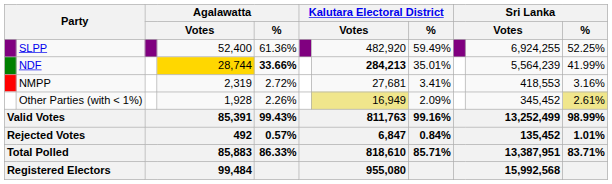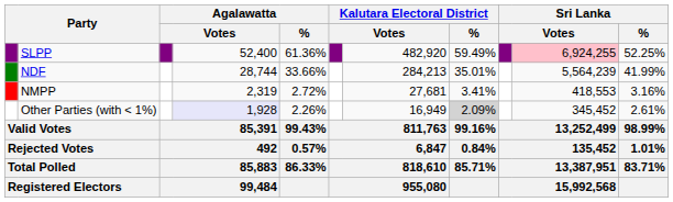 <table class="wikitable">
 <tr>
 <th colspan="2" width="144px"rowspan="2">Party</th>
 <th colspan="3" width="216px">Agalawatta</th>
 <th colspan="3" width="216px"><a href='#'>Kalutara Electoral District</a></th>
 <th colspan="3" width="216px">Sri Lanka</th>
 </tr>
 <tr>
 <th colspan="2" width="144px">Votes</th>
 <th>%</th>
 <th colspan="2" width="144px">Votes</th>
 <th>%</th>
 <th colspan="2" width="144px">Votes</th>
 <th>%</th>
 </tr>
 <tr>
 <td style="background-color:purple;" width="10px"></td>
 <td style="text-align:left;"><a href='#'>SLPP</a></td>
 <td style="background-color:purple;" width="10px"></td>
 <td style="text-align:right;">52,400</td>
 <td style="text-align:right;">61.36%</td>
 <td style="background-color:purple;" width="10px"></td>
 <td style="text-align:right;">482,920</td>
 <td style="text-align:right;">59.49%</td>
 <td style="background-color:purple;" width="10px"></td>
-<td style="text-align:right;">6,924,255</td>
+<td style="background: pink; text-align:right;">6,924,255</td>
 <td style="text-align:right;">52.25%</td>
 </tr>
 <tr>
 <td style="background-color:green;" width="10px"></td>
 <td style="text-align:left;"><a href='#'>NDF</a></td>
 <td style="background-color:white;" width="10px"></td>
-<td style="background: gold; text-align:right;">28,744</td>
-<td style="text-align:right;"><strong>33.66%</strong></td>
+<td style="text-align:right;">28,744</td>
+<td style="text-align:right;">33.66%</td>
 <td style="background-color:white;" width="10px"></td>
-<td style="text-align:right;"><strong>284,213</strong></td>
+<td style="text-align:right;">284,213</td>
 <td style="text-align:right;">35.01%</td>
 <td style="background-color:white;" width="10px"></td>
 <td style="text-align:right;">5,564,239</td>
 <td style="text-align:right;">41.99%</td>
 </tr>
 <tr>
 <td style="background-color:red;" width="10px"></td>
 <td style="text-align:left;">NMPP</td>
 <td style="background-color:white;" width="10px"></td>
 <td style="text-align:right;">2,319</td>
 <td style="text-align:right;">2.72%</td>
 <td style="background-color:white;" width="10px"></td>
 <td style="text-align:right;">27,681</td>
 <td style="text-align:right;">3.41%</td>
 <td style="background-color:white;" width="10px"></td>
 <td style="text-align:right;">418,553</td>
 <td style="text-align:right;">3.16%</td>
 </tr>
 <tr>
 <td style="background-color:white;" width="10px"></td>
 <td style="text-align:left;">Other Parties (with < 1%)</td>
 <td style="background-color:white;" width="10px"></td>
-<td style="text-align:right;">1,928</td>
+<td style="background: lavender; text-align:right;">1,928</td>
 <td style="text-align:right;">2.26%</td>
 <td style="background-color:white;" width="10px"></td>
-<td style="background: khaki; text-align:right;">16,949</td>
-<td style="text-align:right;">2.09%</td>
+<td style="text-align:right;">16,949</td>
+<td style="background: lightgrey; text-align:right;">2.09%</td>
 <td style="background-color:white;" width="10px"></td>
 <td style="text-align:right;">345,452</td>
-<td style="background: khaki; text-align:right;">2.61%</td>
+<td style="text-align:right;">2.61%</td>
 </tr>
 <tr>
 <th colspan="2" width="144px"style="text-align:left;">Valid Votes</th>
 <th style="text-align:right;"colspan="2" width="144px">85,391</th>
 <th style="text-align:right;">99.43%</th>
 <th style="text-align:right;"colspan="2" width="144px">811,763</th>
 <th style="text-align:right;">99.16%</th>
 <th style="text-align:right;"colspan="2" width="144px">13,252,499</th>
 <th style="text-align:right;">98.99%</th>
 </tr>
 <tr>
 <th colspan="2" width="144px"style="text-align:left;">Rejected Votes</th>
 <th style="text-align:right;"colspan="2" width="144px">492</th>
 <th style="text-align:right;">0.57%</th>
 <th style="text-align:right;"colspan="2" width="144px">6,847</th>
 <th style="text-align:right;">0.84%</th>
 <th style="text-align:right;"colspan="2" width="144px">135,452</th>
 <th style="text-align:right;">1.01%</th>
 </tr>
 <tr>
 <th colspan="2" width="144px"style="text-align:left;">Total Polled</th>
 <th style="text-align:right;"colspan="2" width="144px">85,883</th>
 <th style="text-align:right;">86.33%</th>
 <th style="text-align:right;"colspan="2" width="144px">818,610</th>
 <th style="text-align:right;">85.71%</th>
 <th style="text-align:right;"colspan="2" width="144px">13,387,951</th>
 <th style="text-align:right;">83.71%</th>
 </tr>
 <tr>
 <th colspan="2" width="144px"style="text-align:left;">Registered Electors</th>
 <th style="text-align:right;"colspan="2" width="144px">99,484</th>
 <th></th>
 <th style="text-align:right;"colspan="2" width="144px">955,080</th>
 <th></th>
 <th style="text-align:right;"colspan="2" width="144px">15,992,568</th>
 <th></th>
 </tr>
 </table>
